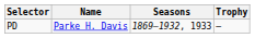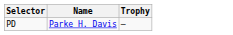 <table class="wikitable">
 <tr>
 <th width=px>Selector</th>
 <th width=px>Name</th>
-<th width=px>Seasons</th>
 <th width=px>Trophy</th>
 </tr>
 <tr>
 <td>PD</td>
 <td><a href='#'>Parke H. Davis</a></td>
-<td><em>1869–1932</em>, 1933</td>
 <td>–</td>
 </tr>
 </table>
